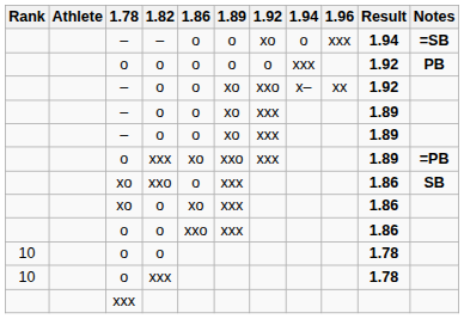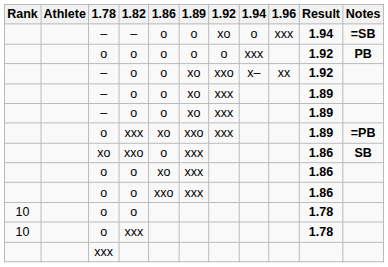 <table class="wikitable sortable" style="text-align:center">
 <tr>
 <th>Rank</th>
 <th>Athlete</th>
 <th>1.78</th>
 <th>1.82</th>
 <th>1.86</th>
 <th>1.89</th>
 <th>1.92</th>
 <th>1.94</th>
 <th>1.96</th>
 <th>Result</th>
 <th>Notes</th>
 </tr>
 <tr>
 <td></td>
 <td align="left"></td>
 <td>–</td>
 <td>–</td>
 <td>o</td>
 <td>o</td>
 <td>xo</td>
 <td>o</td>
 <td>xxx</td>
 <td><strong>1.94</strong></td>
 <td><strong>=SB</strong></td>
 </tr>
 <tr>
 <td></td>
 <td align="left"></td>
 <td>o</td>
 <td>o</td>
 <td>o</td>
 <td>o</td>
 <td>o</td>
 <td>xxx</td>
 <td></td>
 <td><strong>1.92</strong></td>
 <td><strong>PB</strong></td>
 </tr>
 <tr>
 <td></td>
 <td align="left"></td>
 <td>–</td>
 <td>o</td>
 <td>o</td>
 <td>xo</td>
 <td>xxo</td>
 <td>x–</td>
 <td>xx</td>
 <td><strong>1.92</strong></td>
 <td></td>
 </tr>
 <tr>
 <td></td>
 <td align="left"></td>
 <td>–</td>
 <td>o</td>
 <td>o</td>
 <td>xo</td>
 <td>xxx</td>
 <td></td>
 <td></td>
 <td><strong>1.89</strong></td>
 <td></td>
 </tr>
 <tr>
 <td></td>
 <td align="left"></td>
 <td>–</td>
 <td>o</td>
 <td>o</td>
 <td>xo</td>
 <td>xxx</td>
 <td></td>
 <td></td>
 <td><strong>1.89</strong></td>
 <td></td>
 </tr>
 <tr>
 <td></td>
 <td align="left"></td>
 <td>o</td>
 <td>xxx</td>
 <td>xo</td>
 <td>xxo</td>
 <td>xxx</td>
 <td></td>
 <td></td>
 <td><strong>1.89</strong></td>
 <td><strong>=PB</strong></td>
 </tr>
 <tr>
 <td></td>
 <td align="left"></td>
 <td>xo</td>
 <td>xxo</td>
 <td>o</td>
 <td>xxx</td>
 <td></td>
 <td></td>
 <td></td>
 <td><strong>1.86</strong></td>
 <td><strong>SB</strong></td>
 </tr>
 <tr>
 <td></td>
 <td align="left"></td>
-<td>xo</td>
+<td>o</td>
 <td>o</td>
 <td>xo</td>
 <td>xxx</td>
 <td></td>
 <td></td>
 <td></td>
 <td><strong>1.86</strong></td>
 <td></td>
 </tr>
 <tr>
 <td></td>
 <td align="left"></td>
 <td>o</td>
 <td>o</td>
 <td>xxo</td>
 <td>xxx</td>
 <td></td>
 <td></td>
 <td></td>
 <td><strong>1.86</strong></td>
 <td></td>
 </tr>
 <tr>
 <td>10</td>
 <td align="left"></td>
 <td>o</td>
 <td>o</td>
 <td></td>
 <td></td>
 <td></td>
 <td></td>
 <td></td>
 <td><strong>1.78</strong></td>
 <td></td>
 </tr>
 <tr>
 <td>10</td>
 <td align="left"></td>
 <td>o</td>
 <td>xxx</td>
 <td></td>
 <td></td>
 <td></td>
 <td></td>
 <td></td>
 <td><strong>1.78</strong></td>
 <td></td>
 </tr>
 <tr>
 <td></td>
 <td align="left"></td>
 <td>xxx</td>
 <td></td>
 <td></td>
 <td></td>
 <td></td>
 <td></td>
 <td></td>
 <td><strong></strong></td>
 <td></td>
 </tr>
 </table>
